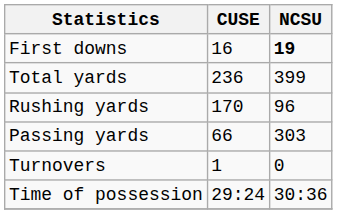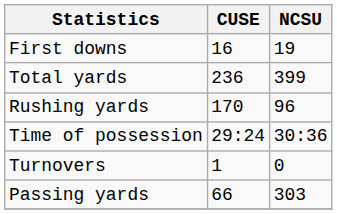 <table class="wikitable">
 <tr>
 <th>Statistics</th>
 <th>CUSE</th>
 <th>NCSU</th>
 </tr>
 <tr>
 <td>First downs</td>
 <td>16</td>
-<td><strong>19</strong></td>
+<td>19</td>
 </tr>
 <tr>
 <td>Total yards</td>
 <td>236</td>
 <td>399</td>
 </tr>
 <tr>
 <td>Rushing yards</td>
 <td>170</td>
 <td>96</td>
 </tr>
 <tr>
-<td>Passing yards</td>
-<td>66</td>
-<td>303</td>
+<td>Time of possession</td>
+<td>29:24</td>
+<td>30:36</td>
 </tr>
 <tr>
 <td>Turnovers</td>
 <td>1</td>
 <td>0</td>
 </tr>
 <tr>
-<td>Time of possession</td>
-<td>29:24</td>
-<td>30:36</td>
+<td>Passing yards</td>
+<td>66</td>
+<td>303</td>
 </tr>
 <tr>
 </tr>
 </table>
